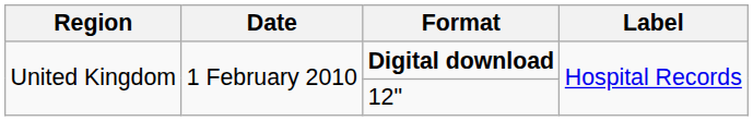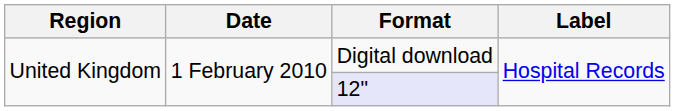 <table class=wikitable>
 <tr>
 <th>Region</th>
 <th>Date</th>
 <th>Format</th>
 <th>Label</th>
 </tr>
 <tr>
 <td rowspan="2">United Kingdom</td>
 <td rowspan="2">1 February 2010</td>
-<td><strong>Digital download</strong></td>
+<td>Digital download</td>
 <td rowspan="2"><a href='#'>Hospital Records</a></td>
 </tr>
 <tr>
-<td>12"</td>
+<td style="background: lavender;">12"</td>
 </tr>
 </table>
